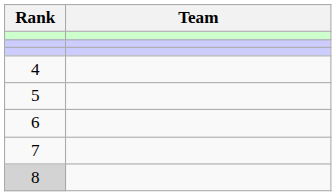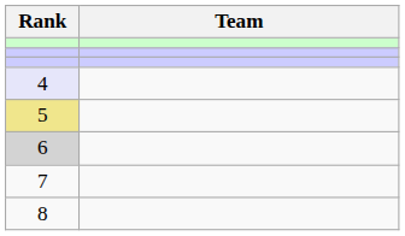 <table class="wikitable" style="text-align: center;">
 <tr>
 <th width=50>Rank</th>
 <th width=240>Team</th>
 </tr>
 <tr bgcolor=ccffcc>
 <td></td>
 <td align=left></td>
 </tr>
 <tr bgcolor=ccccff>
 <td></td>
 <td align=left></td>
 </tr>
 <tr bgcolor=ccccff>
 <td></td>
 <td align=left></td>
 </tr>
 <tr>
-<td>4</td>
+<td style="background: lavender;">4</td>
 <td align=left></td>
 </tr>
 <tr>
-<td>5</td>
+<td style="background: khaki;">5</td>
 <td align=left></td>
 </tr>
 <tr>
-<td>6</td>
+<td style="background: lightgrey;">6</td>
 <td align=left></td>
 </tr>
 <tr>
 <td>7</td>
 <td align=left></td>
 </tr>
 <tr>
-<td style="background: lightgrey;">8</td>
+<td>8</td>
 <td align=left></td>
 </tr>
 </table>
